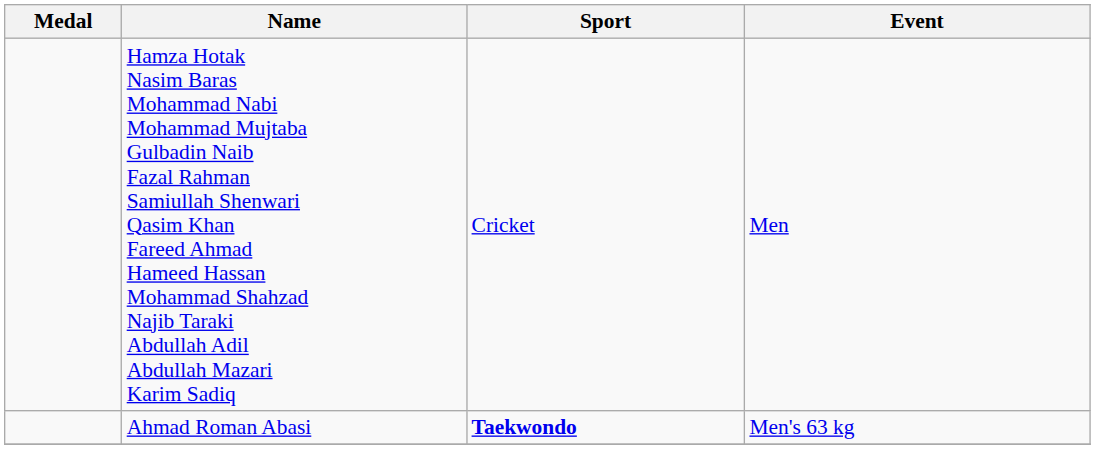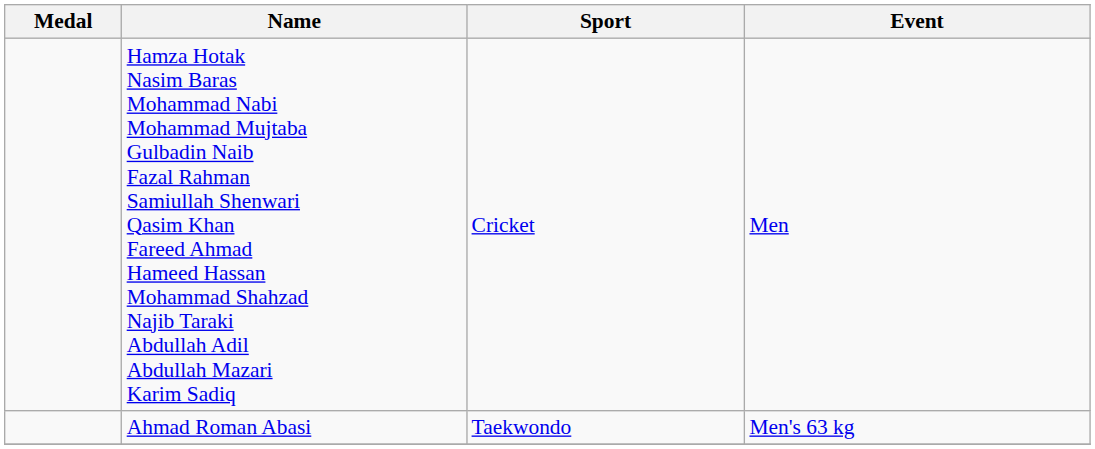 <table class="wikitable sortable" style="font-size:100%">
 <tr>
 <th width="80">Medal</th>
 <th width="250">Name</th>
 <th width="200">Sport</th>
 <th width="250">Event</th>
 </tr>
 <tr>
 <td></td>
 <td><a href='#'>Hamza Hotak</a><br><a href='#'>Nasim Baras</a><br><a href='#'>Mohammad Nabi</a><br><a href='#'>Mohammad Mujtaba</a><br><a href='#'>Gulbadin Naib</a><br><a href='#'>Fazal Rahman</a><br><a href='#'>Samiullah Shenwari</a><br><a href='#'>Qasim Khan</a><br><a href='#'>Fareed Ahmad</a><br><a href='#'>Hameed Hassan</a><br><a href='#'>Mohammad Shahzad</a><br><a href='#'>Najib Taraki</a><br><a href='#'>Abdullah Adil</a><br><a href='#'>Abdullah Mazari</a><br><a href='#'>Karim Sadiq</a></td>
 <td><a href='#'>Cricket</a></td>
 <td><a href='#'>Men</a></td>
 </tr>
 <tr>
 <td></td>
 <td><a href='#'>Ahmad Roman Abasi</a></td>
-<td><strong><a href='#'>Taekwondo</a></strong></td>
+<td><a href='#'>Taekwondo</a></td>
 <td><a href='#'>Men's 63 kg</a></td>
 </tr>
 <tr>
 </tr>
 </table>
